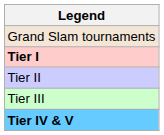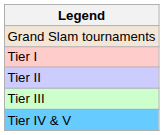 <table class=wikitable style=font-size:90%>
 <tr>
 <th>Legend</th>
 </tr>
 <tr>
 <td align=center colspan=2 style="background:#f3e6d7;">Grand Slam tournaments</td>
 </tr>
 <tr>
-<td bgcolor=#ffcccc><strong>Tier I</strong></td>
+<td bgcolor=#ffcccc>Tier I</td>
 </tr>
 <tr>
 <td bgcolor=#ccccff>Tier II</td>
 </tr>
 <tr>
 <td bgcolor=#CCFFCC>Tier III</td>
 </tr>
 <tr>
-<td bgcolor=#66CCFF><strong>Tier IV & V</strong></td>
+<td bgcolor=#66CCFF>Tier IV & V</td>
 </tr>
 </table>
